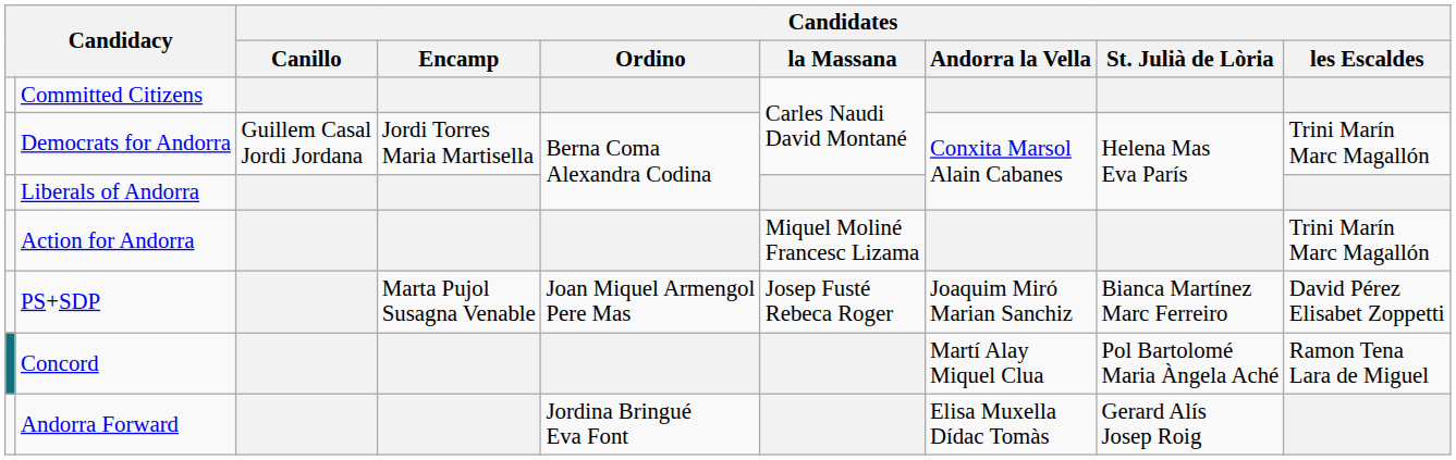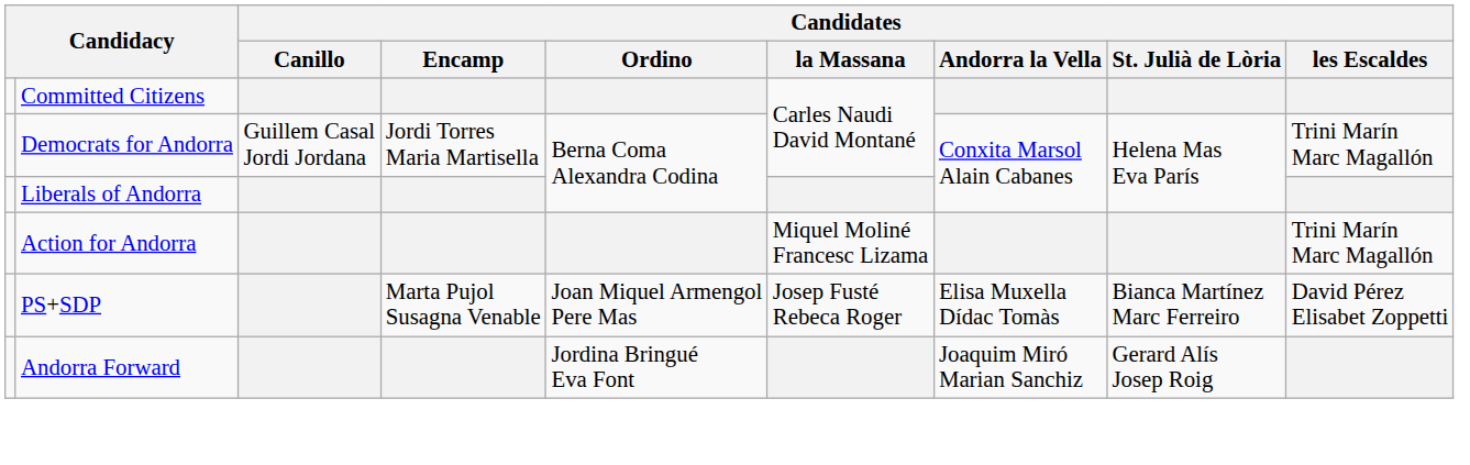 <table class=wikitable>
 <tr>
 <th rowspan=2 colspan=2>Candidacy</th>
 <th scope="row" colspan=7>Candidates</th>
 </tr>
 <tr>
 <th>Canillo</th>
 <th>Encamp</th>
 <th>Ordino</th>
 <th>la Massana</th>
 <th>Andorra la Vella</th>
 <th>St. Julià de Lòria</th>
 <th>les Escaldes</th>
 </tr>
 <tr>
 <td></td>
 <td><a href='#'>Committed Citizens</a></td>
 <th></th>
 <th></th>
 <th></th>
 <td rowspan=2>Carles Naudi<br>David Montané</td>
 <th></th>
 <th></th>
 <th></th>
 </tr>
 <tr>
 <td></td>
 <td><a href='#'>Democrats for Andorra</a></td>
 <td>Guillem Casal<br>Jordi Jordana</td>
 <td>Jordi Torres<br>Maria Martisella</td>
 <td rowspan=2>Berna Coma<br>Alexandra Codina</td>
 <td rowspan=2><a href='#'>Conxita Marsol</a><br>Alain Cabanes</td>
 <td rowspan=2>Helena Mas<br>Eva París</td>
 <td>Trini Marín<br>Marc Magallón</td>
 </tr>
 <tr>
 <td></td>
 <td><a href='#'>Liberals of Andorra</a></td>
 <th></th>
 <th></th>
 <th></th>
 <th></th>
 </tr>
 <tr>
 <td></td>
 <td><a href='#'>Action for Andorra</a></td>
 <th></th>
 <th></th>
 <th></th>
 <td>Miquel Moliné<br>Francesc Lizama</td>
 <th></th>
 <th></th>
 <td>Trini Marín<br>Marc Magallón</td>
 </tr>
 <tr>
 <td></td>
 <td><a href='#'>PS</a>+<a href='#'>SDP</a></td>
 <th></th>
 <td>Marta Pujol<br>Susagna Venable</td>
 <td>Joan Miquel Armengol<br>Pere Mas</td>
 <td>Josep Fusté<br>Rebeca Roger</td>
-<td>Joaquim Miró<br>Marian Sanchiz</td>
+<td>Elisa Muxella<br>Dídac Tomàs</td>
 <td>Bianca Martínez<br>Marc Ferreiro</td>
 <td>David Pérez<br>Elisabet Zoppetti</td>
-</tr>
-<tr>
-<td bgcolor="#13717E"></td>
-<td><a href='#'>Concord</a></td>
-<th></th>
-<th></th>
-<th></th>
-<th></th>
-<td>Martí Alay<br>Miquel Clua</td>
-<td>Pol Bartolomé<br>Maria Àngela Aché</td>
-<td>Ramon Tena<br>Lara de Miguel</td>
 </tr>
 <tr>
 <td></td>
 <td><a href='#'>Andorra Forward</a></td>
 <th></th>
 <th></th>
 <td>Jordina Bringué<br>Eva Font</td>
 <th></th>
-<td>Elisa Muxella<br>Dídac Tomàs</td>
+<td>Joaquim Miró<br>Marian Sanchiz</td>
 <td>Gerard Alís<br>Josep Roig</td>
 <th></th>
 </tr>
 </table>
